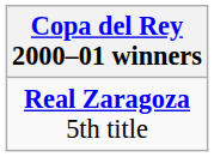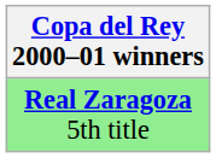 <table class="wikitable" style="text-align: center; margin: 0 auto">
 <tr>
 <th><a href='#'>Copa del Rey</a><br>2000–01 winners</th>
 </tr>
 <tr>
-<td><strong><a href='#'>Real Zaragoza</a></strong><br>5th title</td>
+<td style="background: lightgreen;"><strong><a href='#'>Real Zaragoza</a></strong><br>5th title</td>
 </tr>
 </table>
